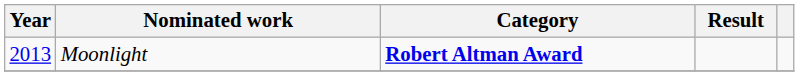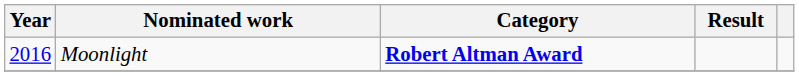 <table class="wikitable">
 <tr>
 <th scope="col" style="width:1em;">Year</th>
 <th scope="col" style="width:35em;">Nominated work</th>
 <th scope="col" style="width:35em;">Category</th>
 <th scope="col" style="width:5em;">Result</th>
 <th scope="col" style="width:1em;"></th>
 </tr>
 <tr>
-<td><a href='#'>2013</a></td>
+<td><a href='#'>2016</a></td>
 <td><em>Moonlight</em></td>
 <td><strong><a href='#'>Robert Altman Award</a></strong></td>
 <td></td>
 <td></td>
 </tr>
 <tr>
 </tr>
 </table>
